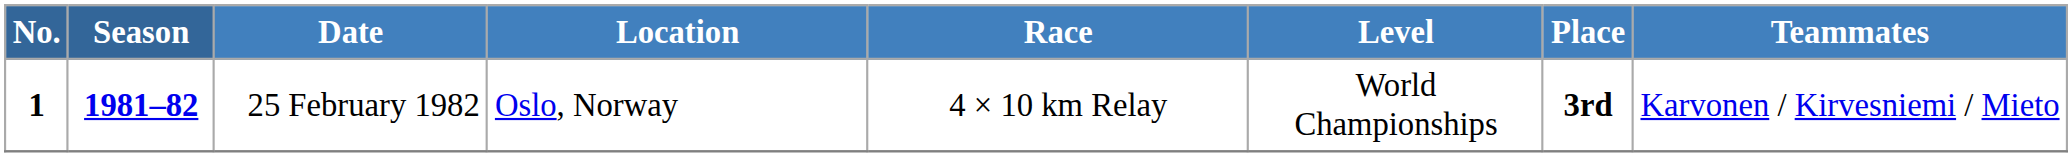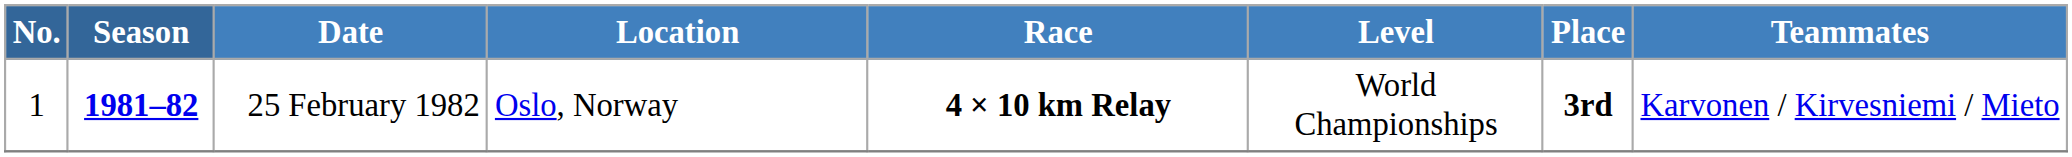 <table class="wikitable sortable" style="font-size:95%; text-align:center; border:grey solid 1px; border-collapse:collapse; background:#ffffff;">
 <tr style="background:#efefef;">
 <th style="background-color:#369; color:white;">No.</th>
 <th style="background-color:#369; color:white;">Season</th>
 <th style="background-color:#4180be; color:white; width:120px;">Date</th>
 <th style="background-color:#4180be; color:white; width:170px;">Location</th>
 <th style="background-color:#4180be; color:white; width:170px;">Race</th>
 <th style="background-color:#4180be; color:white; width:130px;">Level</th>
 <th style="background-color:#4180be; color:white;">Place</th>
 <th style="background-color:#4180be; color:white;">Teammates</th>
 </tr>
 <tr>
-<td align=center><strong>1</strong></td>
+<td align=center>1</td>
 <td rowspan=1 align=center><strong> <a href='#'>1981–82</a> </strong></td>
 <td align=right>25 February 1982</td>
 <td align=left> <a href='#'>Oslo</a>, Norway</td>
-<td>4 × 10 km Relay</td>
+<td><strong>4 × 10 km Relay</strong></td>
 <td>World Championships</td>
 <td><strong>3rd</strong></td>
 <td><a href='#'>Karvonen</a> / <a href='#'>Kirvesniemi</a> / <a href='#'>Mieto</a></td>
 </tr>
 <tr>
 </tr>
 </table>
